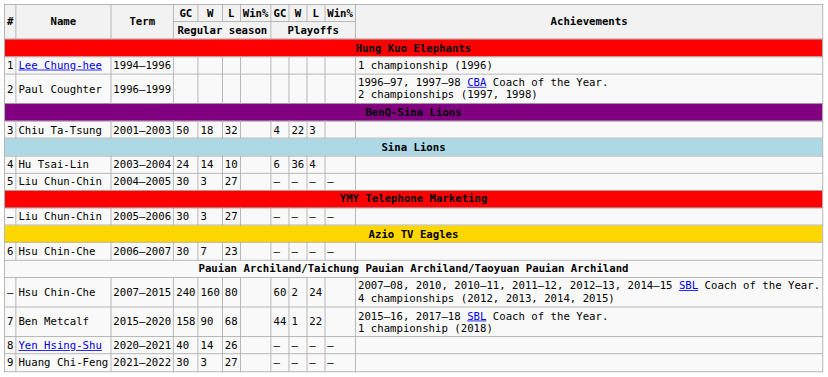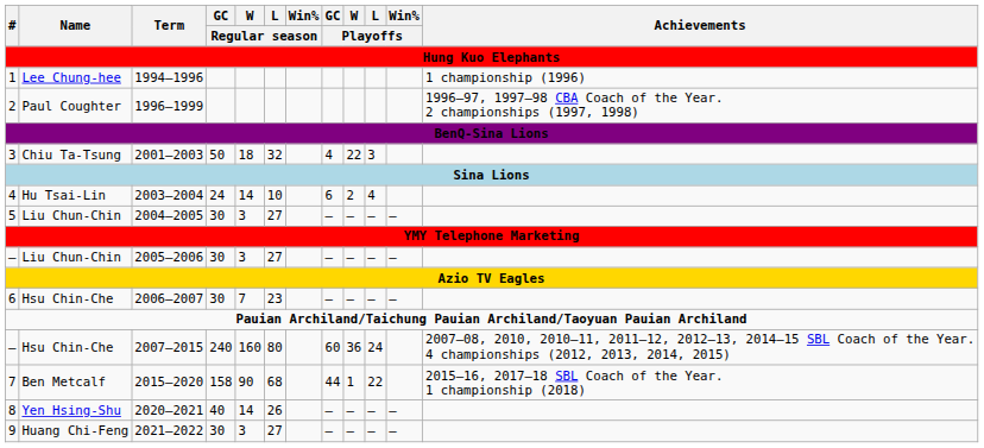 <table class="wikitable sortable">
 <tr>
 <th rowspan="2">#</th>
 <th rowspan="2">Name</th>
 <th rowspan="2">Term</th>
 <th>GC</th>
 <th>W</th>
 <th>L</th>
 <th>Win%</th>
 <th>GC</th>
 <th>W</th>
 <th>L</th>
 <th>Win%</th>
 <th rowspan="2" class=unsortable>Achievements</th>
 </tr>
 <tr class="unsortable">
 <th colspan="4">Regular season</th>
 <th colspan="4">Playoffs</th>
 </tr>
 <tr>
 <td align=center colspan="15" style="background-color:red;"><span><strong>Hung Kuo Elephants</strong></span></td>
 </tr>
 <tr>
 <td align=center>1</td>
 <td><a href='#'>Lee Chung-hee</a></td>
 <td>1994–1996</td>
 <td></td>
 <td></td>
 <td></td>
 <td></td>
 <td></td>
 <td></td>
 <td></td>
 <td></td>
 <td>1 championship (1996)</td>
 </tr>
 <tr>
 <td align=center>2</td>
 <td>Paul Coughter</td>
 <td>1996–1999</td>
 <td></td>
 <td></td>
 <td></td>
 <td></td>
 <td></td>
 <td></td>
 <td></td>
 <td></td>
 <td>1996–97, 1997–98 <a href='#'>CBA</a> Coach of the Year.<br>2 championships (1997, 1998)</td>
 </tr>
 <tr>
 <td align=center colspan="15" style="background-color:purple;"><span><strong>BenQ-Sina Lions</strong></span></td>
 </tr>
 <tr>
 <td align=center>3</td>
 <td>Chiu Ta-Tsung</td>
 <td>2001–2003</td>
 <td>50</td>
 <td>18</td>
 <td>32</td>
 <td></td>
 <td>4</td>
 <td>22</td>
 <td>3</td>
 <td></td>
 <td></td>
 </tr>
 <tr>
 <td align=center colspan="15" style="background-color:lightblue;"><span><strong>Sina Lions</strong></span></td>
 </tr>
 <tr>
 <td align=center>4</td>
 <td>Hu Tsai-Lin</td>
 <td>2003–2004</td>
 <td>24</td>
 <td>14</td>
 <td>10</td>
 <td></td>
 <td>6</td>
-<td>36</td>
+<td>2</td>
 <td>4</td>
 <td></td>
 <td></td>
 </tr>
 <tr>
 <td align=center>5</td>
 <td>Liu Chun-Chin</td>
 <td>2004–2005</td>
 <td>30</td>
 <td>3</td>
 <td>27</td>
 <td></td>
 <td>—</td>
 <td>—</td>
 <td>—</td>
 <td>—</td>
 <td></td>
 </tr>
 <tr>
 <td align=center colspan="15" style="background-color:red;"><span><strong>YMY Telephone Marketing</strong></span></td>
 </tr>
 <tr>
 <td align=center>—</td>
 <td>Liu Chun-Chin</td>
 <td>2005–2006</td>
 <td>30</td>
 <td>3</td>
 <td>27</td>
 <td></td>
 <td>—</td>
 <td>—</td>
 <td>—</td>
 <td>—</td>
 <td></td>
 </tr>
 <tr>
 <td align=center colspan="15" style="background-color:gold;"><span><strong>Azio TV Eagles</strong></span></td>
 </tr>
 <tr>
 <td align=center>6</td>
 <td>Hsu Chin-Che</td>
 <td>2006–2007</td>
 <td>30</td>
 <td>7</td>
 <td>23</td>
 <td></td>
 <td>—</td>
 <td>—</td>
 <td>—</td>
 <td>—</td>
 <td></td>
 </tr>
 <tr>
 <td align=center colspan="15"><strong>Pauian Archiland/Taichung Pauian Archiland/Taoyuan Pauian Archiland</strong></td>
 </tr>
 <tr>
 <td align=center>—</td>
 <td>Hsu Chin-Che</td>
 <td>2007–2015</td>
 <td>240</td>
 <td>160</td>
 <td>80</td>
 <td></td>
 <td>60</td>
-<td>2</td>
+<td>36</td>
 <td>24</td>
 <td></td>
 <td>2007–08, 2010, 2010–11, 2011–12, 2012–13, 2014–15 <a href='#'>SBL</a> Coach of the Year.<br>4 championships (2012, 2013, 2014, 2015)</td>
 </tr>
 <tr>
 <td align=center>7</td>
 <td>Ben Metcalf</td>
 <td>2015–2020</td>
 <td>158</td>
 <td>90</td>
 <td>68</td>
 <td></td>
 <td>44</td>
 <td>1</td>
 <td>22</td>
 <td></td>
 <td>2015–16, 2017–18 <a href='#'>SBL</a> Coach of the Year.<br>1 championship (2018)</td>
 </tr>
 <tr>
 <td align=center>8</td>
 <td><a href='#'>Yen Hsing-Shu</a></td>
 <td>2020–2021</td>
 <td>40</td>
 <td>14</td>
 <td>26</td>
 <td></td>
 <td>—</td>
 <td>—</td>
 <td>—</td>
 <td>—</td>
 <td></td>
 </tr>
 <tr>
 <td align=center>9</td>
 <td>Huang Chi-Feng</td>
 <td>2021–2022</td>
 <td>30</td>
 <td>3</td>
 <td>27</td>
 <td></td>
 <td>—</td>
 <td>—</td>
 <td>—</td>
 <td>—</td>
 <td></td>
 </tr>
 </table>
